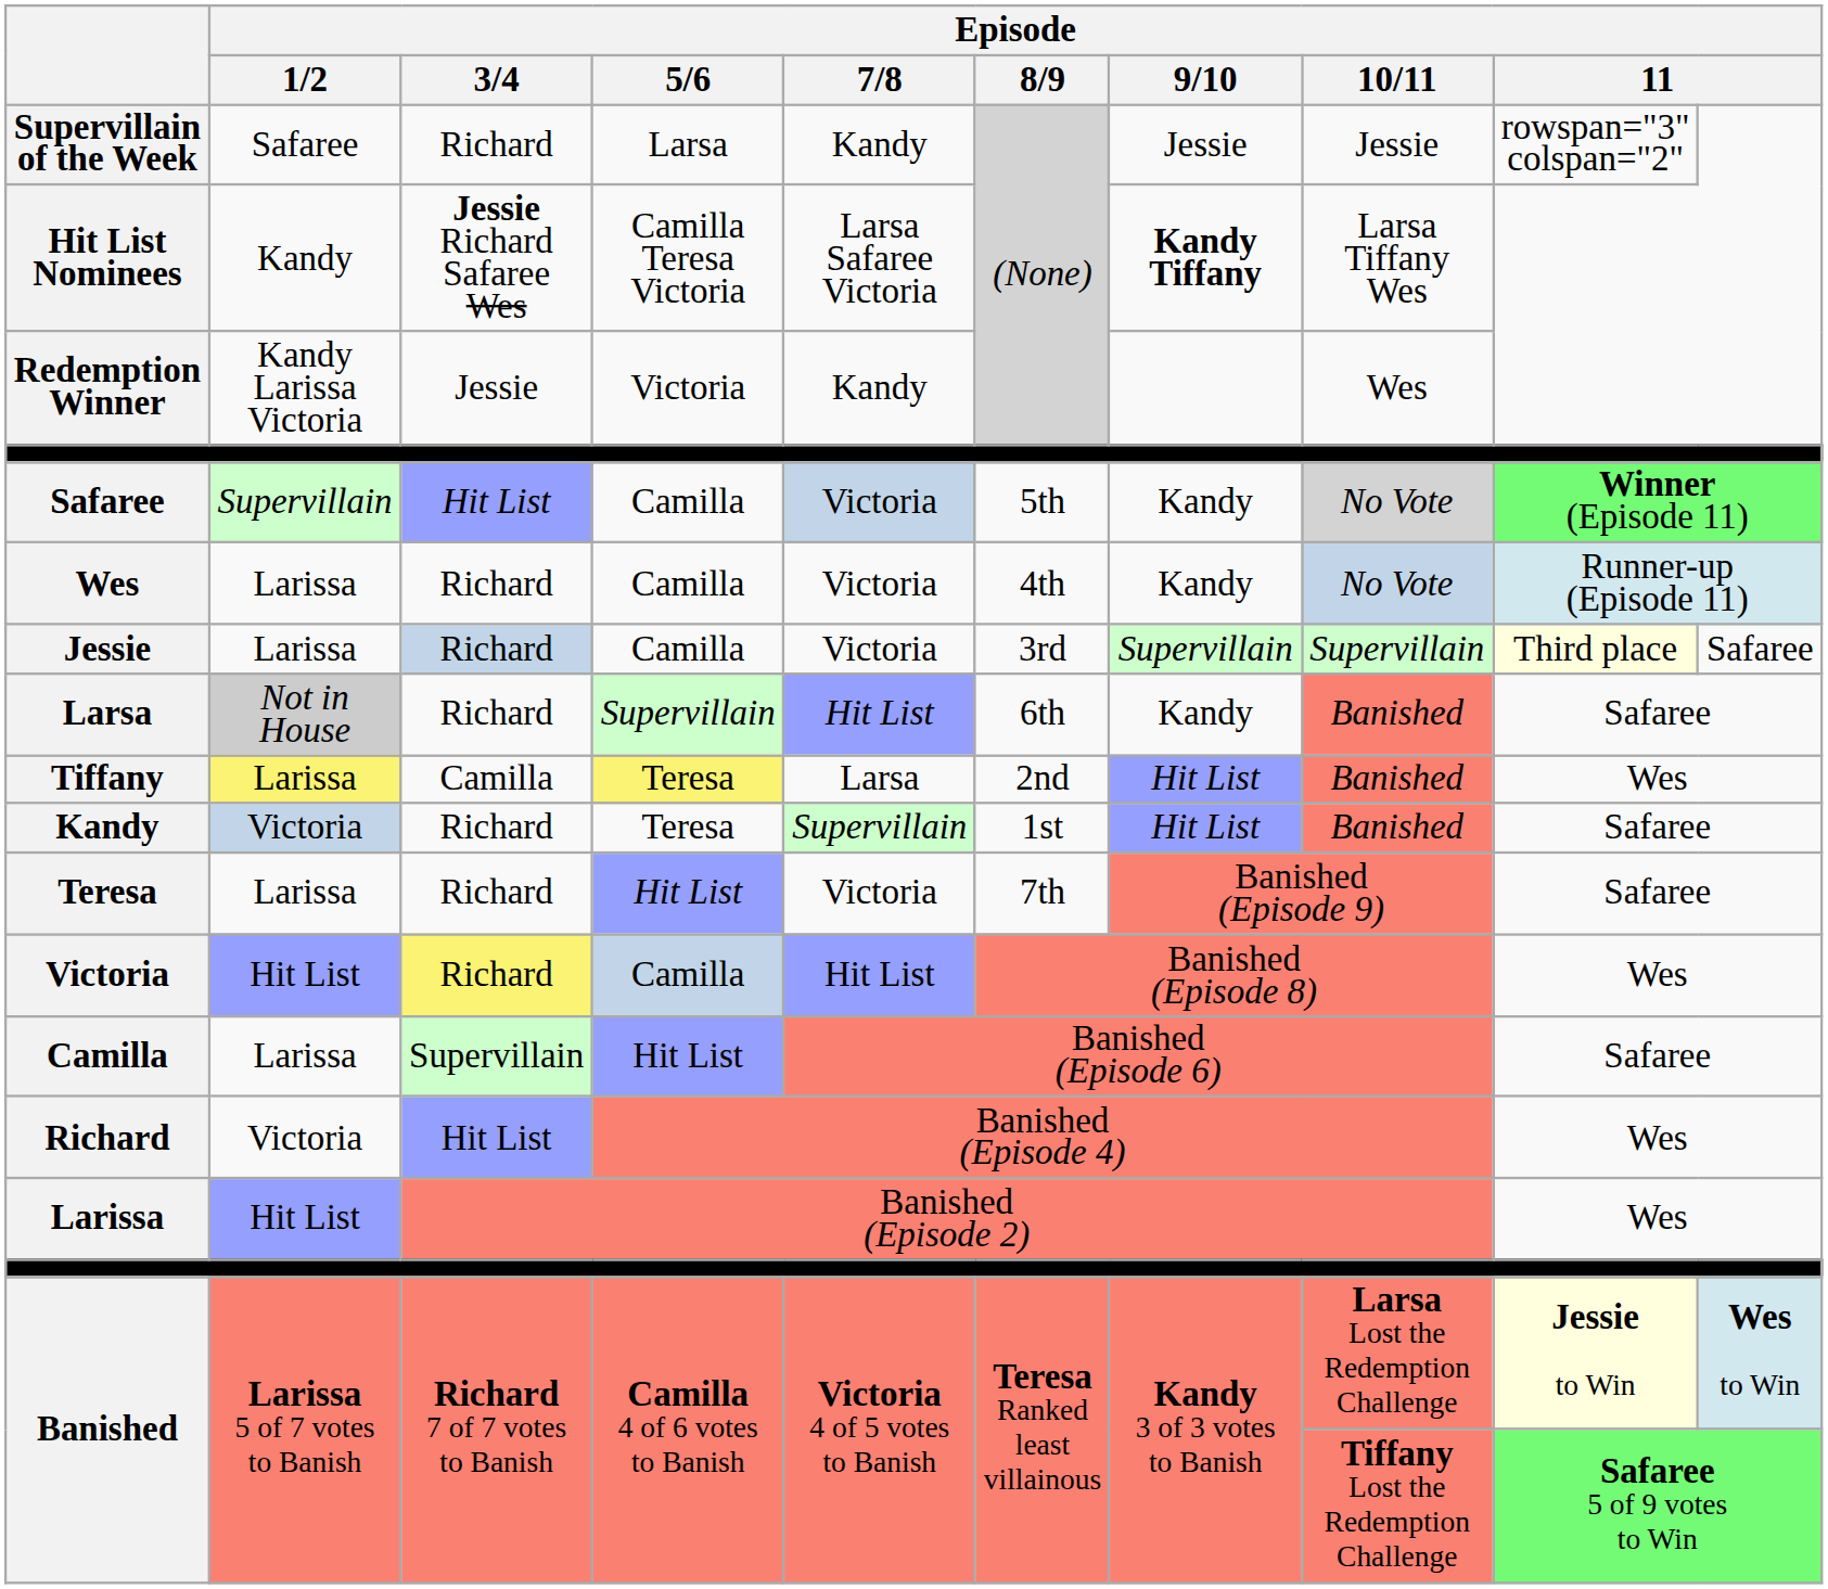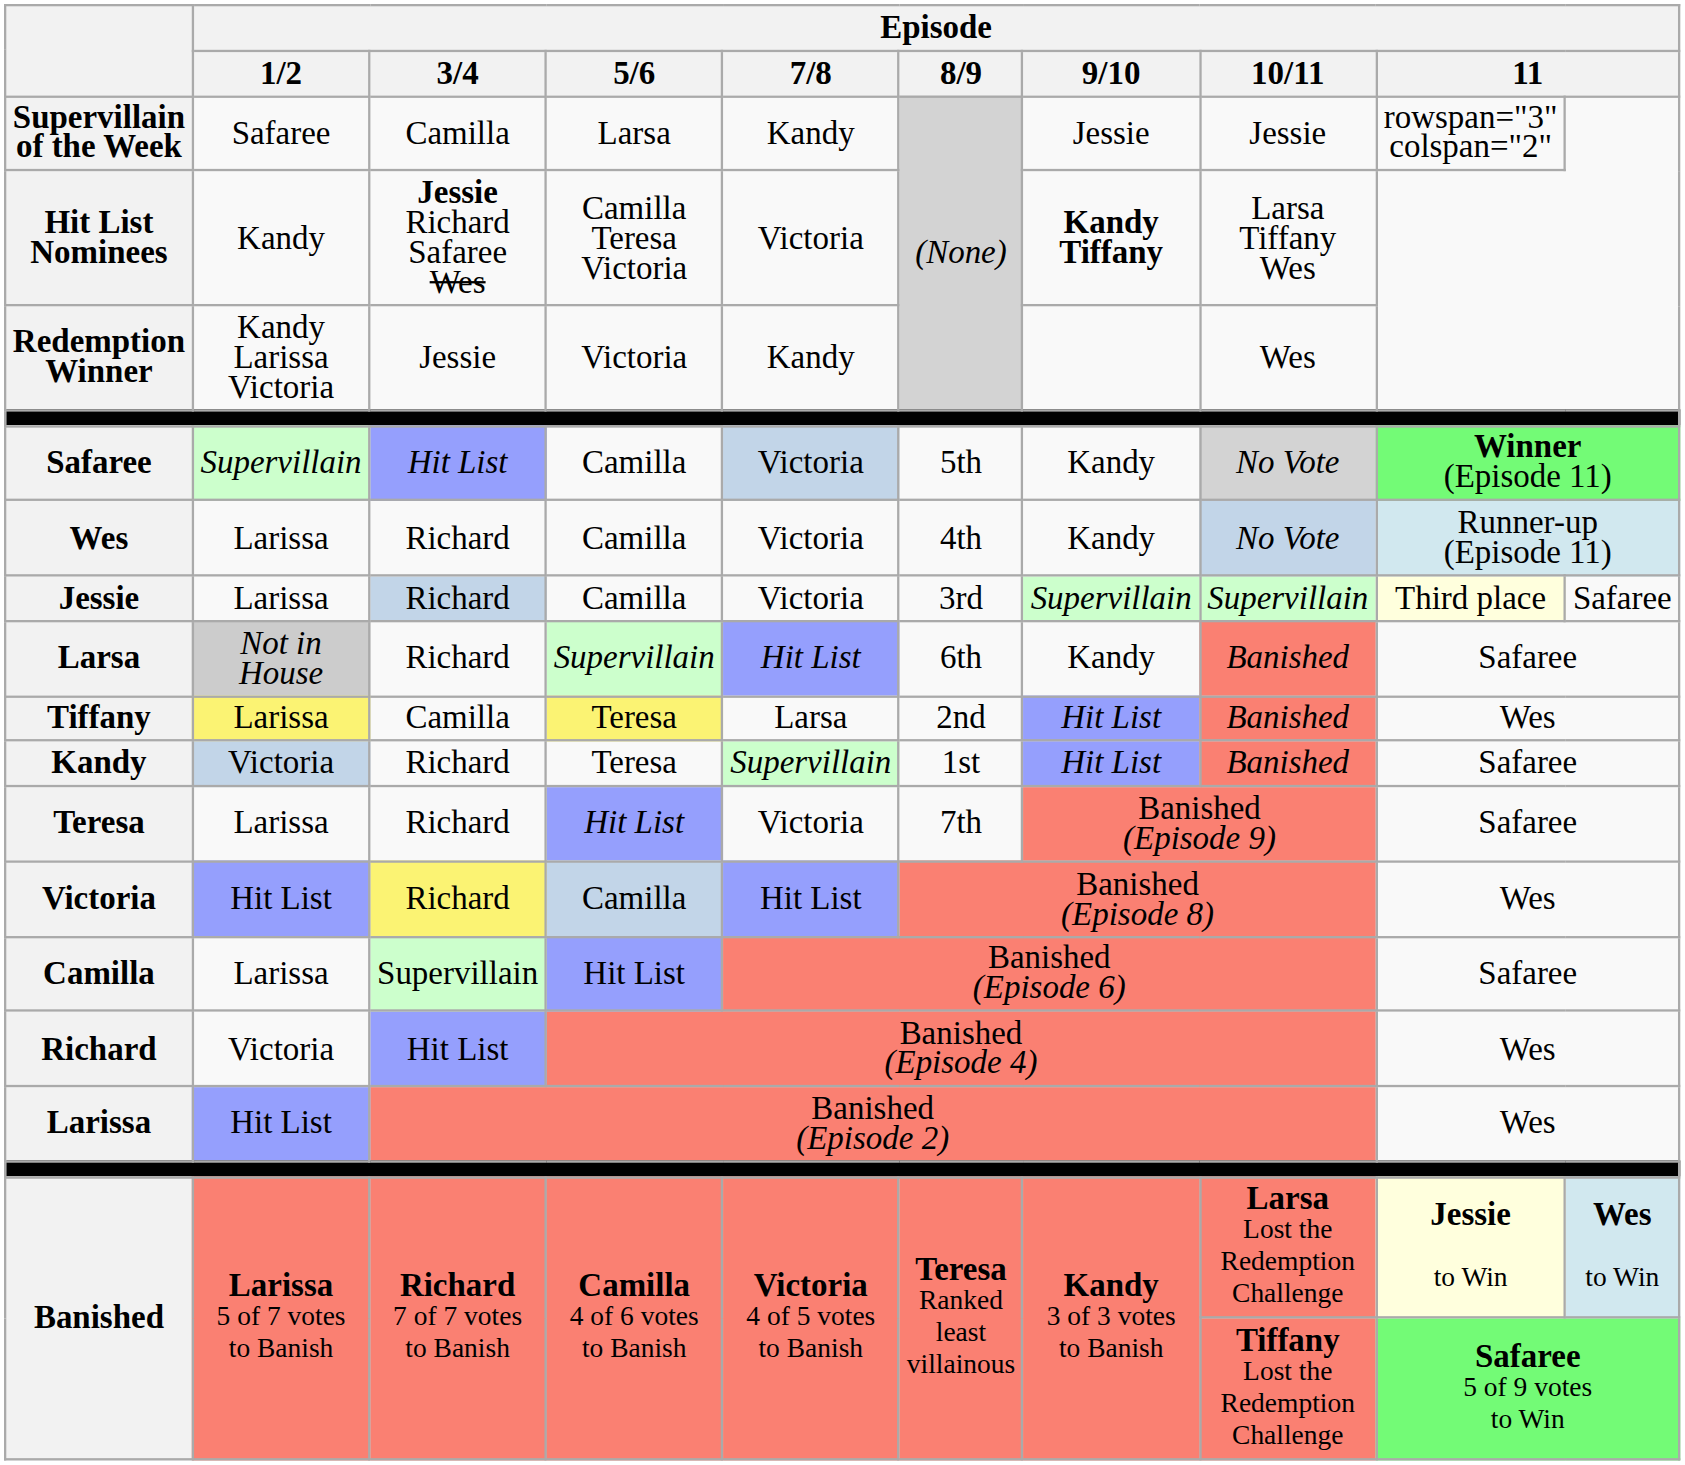 <table class="wikitable" style="text-align:center; line-height:13px; font-size:90%; width:20%;">
 <tr>
 <th rowspan="2"></th>
 <th colspan="9">Episode</th>
 </tr>
 <tr>
 <th>1/2</th>
 <th>3/4</th>
 <th>5/6</th>
 <th>7/8</th>
 <th>8/9</th>
 <th>9/10</th>
 <th>10/11</th>
 <th colspan="2">11</th>
 </tr>
 <tr>
 <th>Supervillain<br>of the Week</th>
 <td>Safaree</td>
-<td>Richard</td>
+<td>Camilla</td>
 <td>Larsa</td>
 <td>Kandy</td>
 <td rowspan="3" bgcolor="lightgray"><em>(None)</em></td>
 <td>Jessie</td>
 <td>Jessie</td>
 <td>rowspan="3" colspan="2" </td>
 </tr>
 <tr>
 <th>Hit List<br>Nominees</th>
 <td>Kandy</td>
 <td><strong>Jessie</strong><br>Richard<br>Safaree<br><s>Wes</s></td>
 <td>Camilla<br>Teresa<br>Victoria</td>
-<td>Larsa<br>Safaree<br>Victoria</td>
+<td>Victoria</td>
 <td><strong>Kandy<br>Tiffany</strong></td>
 <td>Larsa<br>Tiffany<br>Wes</td>
 </tr>
 <tr>
 <th>Redemption<br>Winner</th>
 <td>Kandy<br>Larissa<br>Victoria</td>
 <td>Jessie</td>
 <td>Victoria</td>
 <td>Kandy</td>
 <td></td>
 <td>Wes</td>
 </tr>
 <tr>
 <td colspan="10" bgcolor="black"></td>
 </tr>
 <tr>
 <th>Safaree</th>
 <td style="background:#cfc"><em>Supervillain<br></em></td>
 <td style="background:#959FFD"><em>Hit List</em></td>
 <td>Camilla</td>
 <td style="background:#C2D5E8">Victoria</td>
 <td>5th</td>
 <td>Kandy</td>
 <td bgcolor="#D3D3D3"><em>No Vote</em></td>
 <td colspan="2" bgcolor="#73FB76"><strong>Winner</strong><br>(Episode 11)</td>
 </tr>
 <tr>
 <th>Wes</th>
 <td>Larissa</td>
 <td>Richard</td>
 <td>Camilla</td>
 <td>Victoria</td>
 <td>4th</td>
 <td>Kandy</td>
 <td style="background:#C2D5E8"><em>No Vote</em></td>
 <td colspan="2" bgcolor="#D1E8EF">Runner-up<br>(Episode 11)</td>
 </tr>
 <tr>
 <th>Jessie</th>
 <td>Larissa</td>
 <td style="background:#C2D5E8">Richard</td>
 <td>Camilla</td>
 <td>Victoria</td>
 <td>3rd</td>
 <td style="background:#cfc"><em>Supervillain<br></em></td>
 <td style="background:#cfc"><em>Supervillain<br></em></td>
 <td style="background:#ffffdd">Third place<br></td>
 <td>Safaree</td>
 </tr>
 <tr>
 <th>Larsa</th>
 <td style="background:#ccc"><em>Not in<br>House</em></td>
 <td>Richard</td>
 <td style="background:#cfc"><em>Supervillain<br></em></td>
 <td style="background:#959FFD"><em>Hit List</em></td>
 <td>6th</td>
 <td>Kandy</td>
 <td style="background:salmon;"><em>Banished</em><br></td>
 <td colspan="2">Safaree</td>
 </tr>
 <tr>
 <th>Tiffany</th>
 <td style="background:#FBF373;">Larissa</td>
 <td>Camilla</td>
 <td style="background:#FBF373;">Teresa</td>
 <td>Larsa</td>
 <td>2nd</td>
 <td style="background:#959FFD"><em>Hit List</em></td>
 <td style="background:salmon;"><em>Banished</em><br></td>
 <td colspan="2">Wes</td>
 </tr>
 <tr>
 <th>Kandy</th>
 <td style="background:#C2D5E8">Victoria</td>
 <td>Richard</td>
 <td>Teresa</td>
 <td style="background:#cfc"><em>Supervillain<br></em></td>
 <td>1st</td>
 <td style="background:#959FFD"><em>Hit List</em></td>
 <td style="background:salmon;"><em>Banished</em><br></td>
 <td colspan="2">Safaree</td>
 </tr>
 <tr>
 <th>Teresa</th>
 <td>Larissa</td>
 <td>Richard</td>
 <td style="background:#959FFD"><em>Hit List</em></td>
 <td>Victoria</td>
 <td>7th<em></td>
 <td colspan=2 style="background:salmon;"></em>Banished<em><br>(Episode 9)</td>
 <td colspan="2">Safaree</td>
 </tr>
 <tr>
 <th>Victoria</th>
 <td style="background:#959FFD"></em>Hit List<em></td>
 <td style="background:#FBF373;">Richard</td>
 <td style="background:#C2D5E8">Camilla</td>
 <td style="background:#959FFD"></em>Hit List<em></td>
 <td colspan=3 style="background:salmon;"></em>Banished<em><br>(Episode 8)</td>
 <td colspan="2">Wes</td>
 </tr>
 <tr>
 <th>Camilla</th>
 <td>Larissa</td>
 <td style="background:#cfc"></em>Supervillain<br><em></td>
 <td style="background:#959FFD"></em>Hit List<em></td>
 <td colspan=4 style="background:salmon;"></em>Banished<em><br>(Episode 6)</td>
 <td colspan="2">Safaree</td>
 </tr>
 <tr>
 <th>Richard</th>
 <td>Victoria</td>
 <td style="background:#959FFD"></em>Hit List<em></td>
 <td colspan=5 style="background:salmon;"></em>Banished<em><br>(Episode 4)</td>
 <td colspan="2">Wes</td>
 </tr>
 <tr>
 <th>Larissa</th>
 <td style="background:#959FFD"></em>Hit List<em></td>
 <td colspan="6" style="background:salmon;"></em>Banished<em><br>(Episode 2)</td>
 <td colspan="2">Wes</td>
 </tr>
 <tr>
 <td colspan="10" bgcolor="black"></td>
 </tr>
 <tr>
 <th rowspan="2">Banished</th>
 <td rowspan="2" bgcolor="#FA8072"><strong>Larissa</strong><br><small> 5 of 7 votes<br>to Banish</small></td>
 <td rowspan="2" bgcolor="#FA8072"><strong>Richard</strong><br><small> 7 of 7 votes<br>to Banish</small></td>
 <td rowspan="2" bgcolor="#FA8072"><strong>Camilla</strong><br><small> 4 of 6 votes<br>to Banish</small></td>
 <td rowspan="2" bgcolor="#FA8072"><strong>Victoria</strong><br><small> 4 of 5 votes<br>to Banish</small></td>
 <td rowspan="2" bgcolor="#FA8072"><strong>Teresa</strong><br><small>Ranked least villainous</small></td>
 <td rowspan="2" bgcolor="#FA8072"><strong>Kandy</strong><br><small> 3 of 3 votes<br>to Banish</small></td>
 <td bgcolor="#FA8072"><strong>Larsa</strong><br><small>Lost the<br>Redemption Challenge</small></td>
 <td bgcolor="#ffffdd"><strong>Jessie</strong><br><small><br>to Win</small></td>
 <td bgcolor="#D1E8EF"><strong>Wes</strong><br><small><br>to Win</small></td>
 </tr>
 <tr>
 <td bgcolor="#FA8072"><strong>Tiffany</strong><br><small>Lost the<br>Redemption Challenge</small></td>
 <td colspan="2" bgcolor="#73FB76"><strong>Safaree</strong><br><small>5 of 9 votes<br>to Win</small></td>
 </tr>
 </table>
